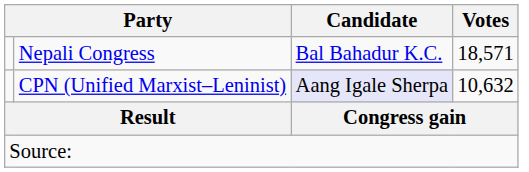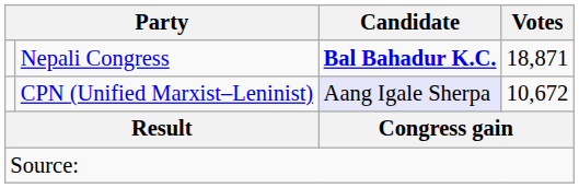 <table class="wikitable">
 <tr>
 <th colspan="2">Party</th>
 <th>Candidate</th>
 <th>Votes</th>
 </tr>
 <tr>
 <td style="background-color:"></td>
 <td><a href='#'>Nepali Congress</a></td>
-<td><a href='#'>Bal Bahadur K.C.</a></td>
-<td>18,571</td>
+<td><strong><a href='#'>Bal Bahadur K.C.</a></strong></td>
+<td>18,871</td>
 </tr>
 <tr>
 <td style="background-color:"></td>
 <td><a href='#'>CPN (Unified Marxist–Leninist)</a></td>
 <td style="background: lavender;">Aang Igale Sherpa</td>
-<td>10,632</td>
+<td>10,672</td>
 </tr>
 <tr>
 <th colspan="2">Result</th>
 <th colspan="2">Congress gain</th>
 </tr>
 <tr>
 <td colspan="4">Source: </td>
 </tr>
 </table>
